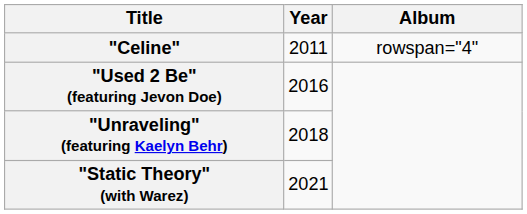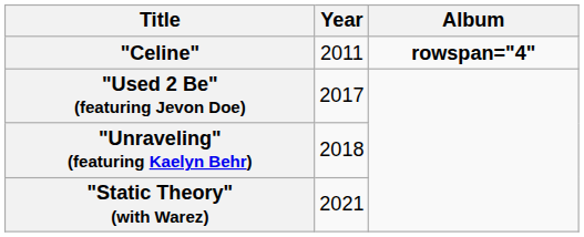 <table class="wikitable plainrowheaders" border="1" style="text-align:center;">
 <tr>
 <th scope="col" style="width:15em;">Title</th>
 <th scope="col" style="width:2em;">Year</th>
 <th scope="col" style="width:10em;">Album</th>
 </tr>
 <tr>
 <th scope="row">"Celine"</th>
 <td>2011</td>
-<td>rowspan="4" </td>
+<td><strong>rowspan="4" </strong></td>
 </tr>
 <tr>
 <th scope="row">"Used 2 Be" <br><small>(featuring Jevon Doe)</small></th>
-<td>2016</td>
+<td>2017</td>
 </tr>
 <tr>
 <th scope="row">"Unraveling" <br><small>(featuring <a href='#'>Kaelyn Behr</a>)</small></th>
 <td>2018</td>
 </tr>
 <tr>
 <th scope="row">"Static Theory" <br><small>(with Warez)</small></th>
 <td>2021</td>
 </tr>
 </table>
